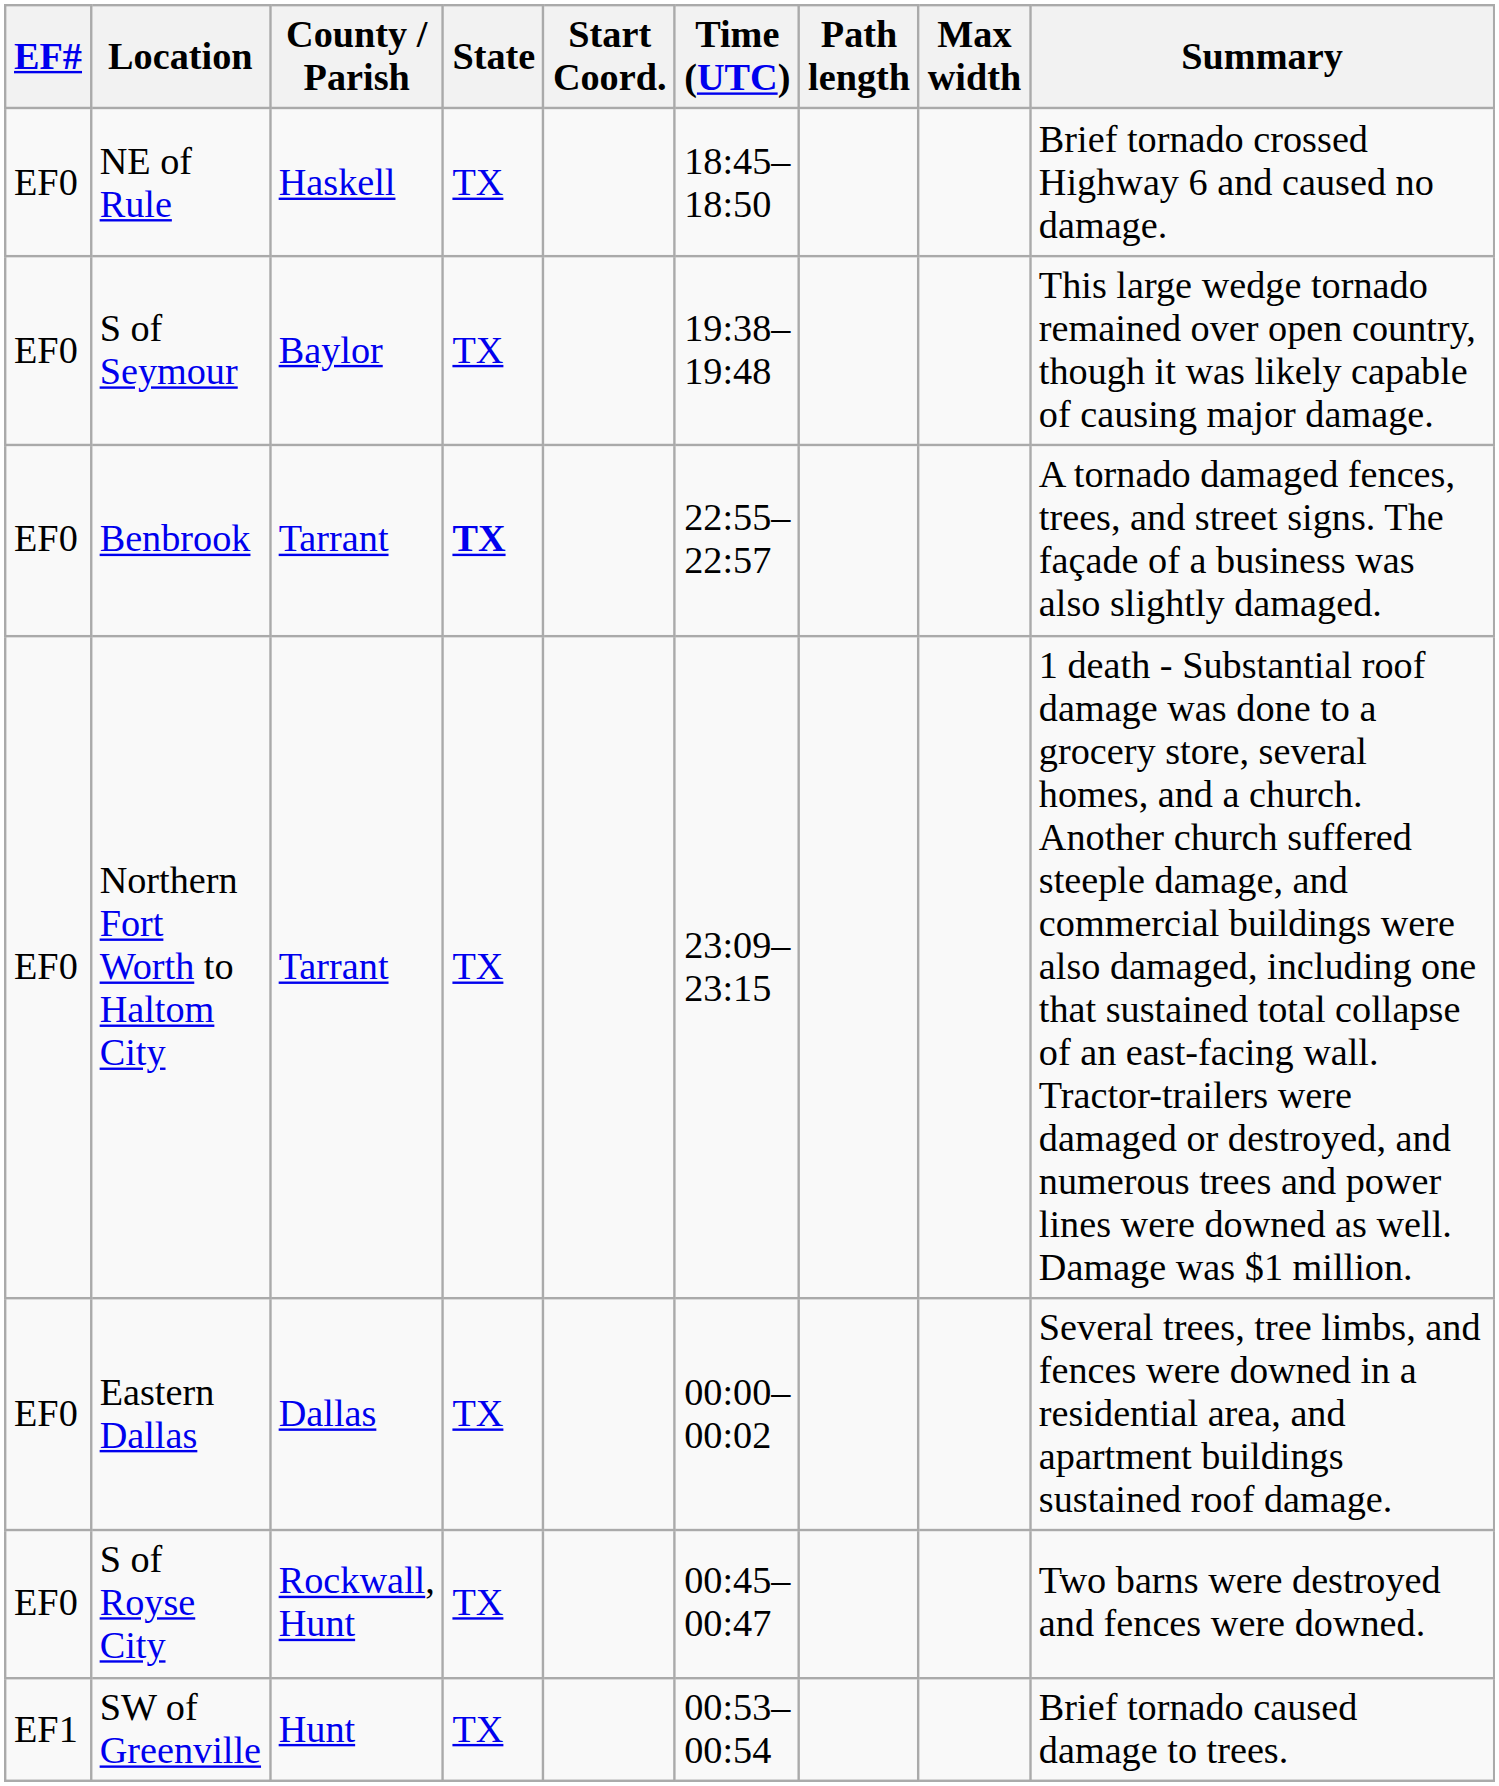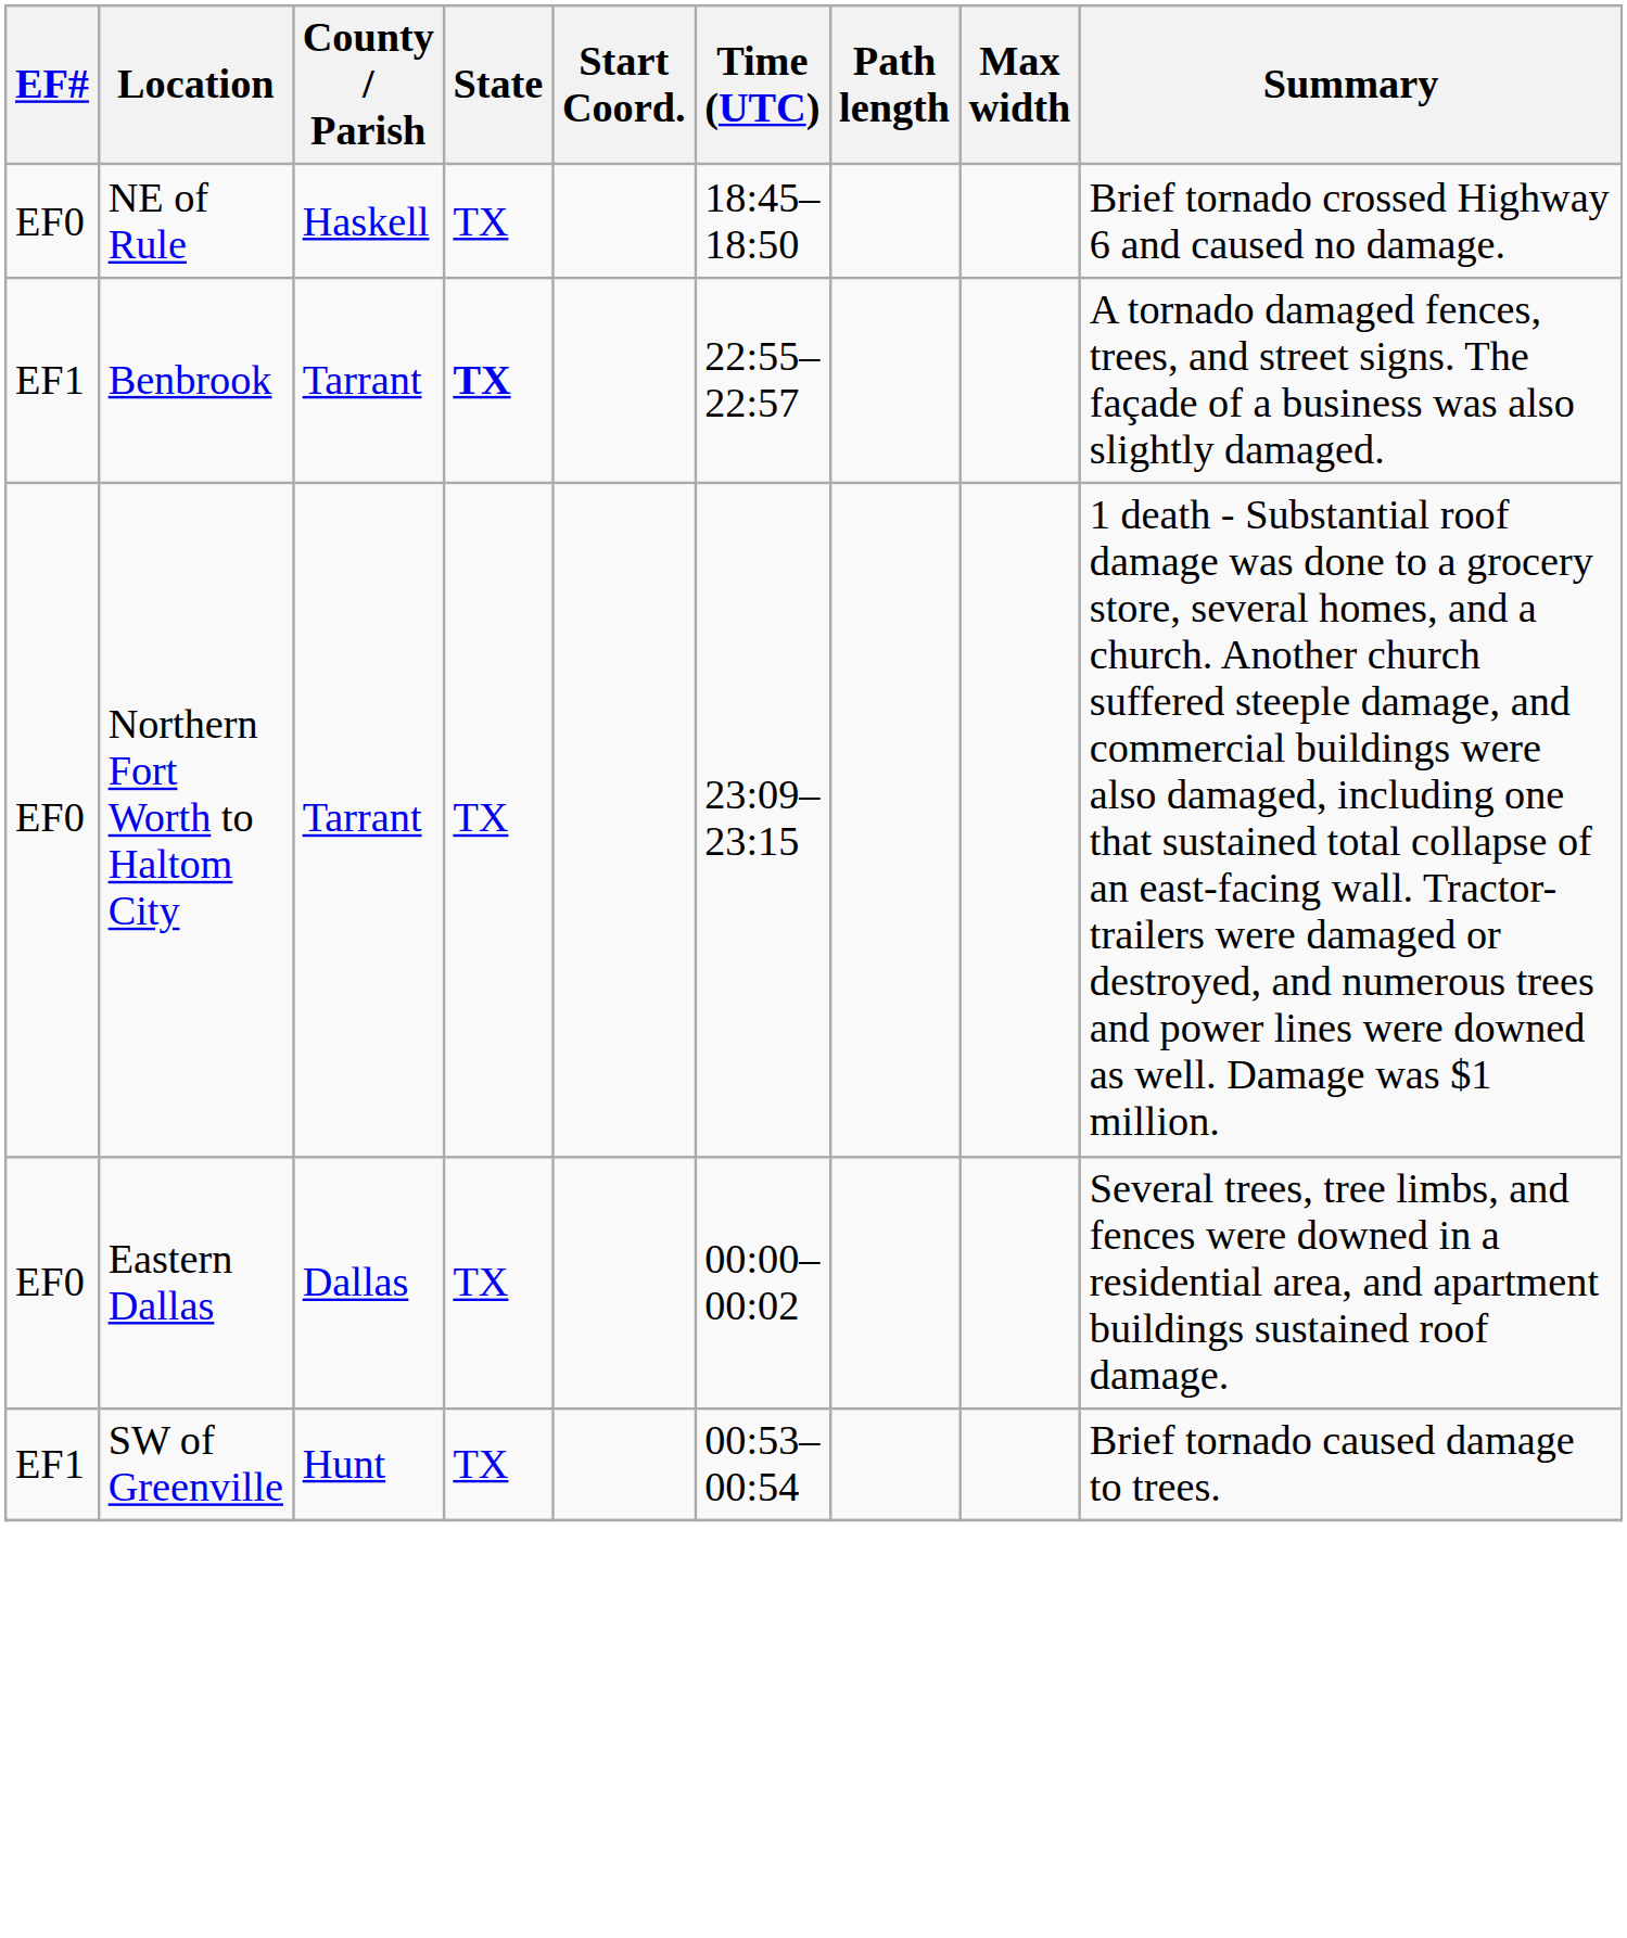 <table class="wikitable sortable" style="width:100%;">
 <tr>
 <th scope="col"  style="width:3%; text-align:center;"><a href='#'>EF#</a></th>
 <th scope="col"  style="width:7%; text-align:center;" class="unsortable">Location</th>
 <th scope="col"  style="width:6%; text-align:center;" class="unsortable">County / Parish</th>
 <th scope="col"  style="width:5%; text-align:center;">State</th>
 <th scope="col"  style="width:6%; text-align:center;">Start Coord.</th>
 <th scope="col"  style="width:6%; text-align:center;">Time (<a href='#'>UTC</a>)</th>
 <th scope="col"  style="width:6%; text-align:center;">Path length</th>
 <th scope="col"  style="width:6%; text-align:center;">Max width</th>
 <th scope="col" class="unsortable" style="width:48%; text-align:center;">Summary</th>
 </tr>
 <tr>
 <td>EF0</td>
 <td>NE of <a href='#'>Rule</a></td>
 <td><a href='#'>Haskell</a></td>
 <td><a href='#'>TX</a></td>
 <td></td>
 <td>18:45–18:50</td>
 <td></td>
 <td></td>
 <td>Brief tornado crossed Highway 6 and caused no damage.</td>
 </tr>
 <tr>
-<td>EF0</td>
-<td>S of <a href='#'>Seymour</a></td>
-<td><a href='#'>Baylor</a></td>
-<td><a href='#'>TX</a></td>
-<td></td>
-<td>19:38–19:48</td>
-<td></td>
-<td></td>
-<td>This large wedge tornado remained over open country, though it was likely capable of causing major damage.</td>
-</tr>
-<tr>
-<td>EF0</td>
+<td>EF1</td>
 <td><a href='#'>Benbrook</a></td>
 <td><a href='#'>Tarrant</a></td>
 <td><strong><a href='#'>TX</a></strong></td>
 <td></td>
 <td>22:55–22:57</td>
 <td></td>
 <td></td>
 <td>A tornado damaged fences, trees, and street signs. The façade of a business was also slightly damaged.</td>
 </tr>
 <tr>
 <td>EF0</td>
 <td>Northern <a href='#'>Fort Worth</a> to <a href='#'>Haltom City</a></td>
 <td><a href='#'>Tarrant</a></td>
 <td><a href='#'>TX</a></td>
 <td></td>
 <td>23:09–23:15</td>
 <td></td>
 <td></td>
 <td>1 death - Substantial roof damage was done to a grocery store, several homes, and a church. Another church suffered steeple damage, and commercial buildings were also damaged, including one that sustained total collapse of an east-facing wall. Tractor-trailers were damaged or destroyed, and numerous trees and power lines were downed as well. Damage was $1 million.</td>
 </tr>
 <tr>
 <td>EF0</td>
 <td>Eastern <a href='#'>Dallas</a></td>
 <td><a href='#'>Dallas</a></td>
 <td><a href='#'>TX</a></td>
 <td></td>
 <td>00:00–00:02</td>
 <td></td>
 <td></td>
 <td>Several trees, tree limbs, and fences were downed in a residential area, and apartment buildings sustained roof damage.</td>
 </tr>
 <tr>
-<td>EF0</td>
-<td>S of <a href='#'>Royse City</a></td>
-<td><a href='#'>Rockwall</a>, <a href='#'>Hunt</a></td>
-<td><a href='#'>TX</a></td>
-<td></td>
-<td>00:45–00:47</td>
-<td></td>
-<td></td>
-<td>Two barns were destroyed and fences were downed.</td>
-</tr>
-<tr>
 <td>EF1</td>
 <td>SW of <a href='#'>Greenville</a></td>
 <td><a href='#'>Hunt</a></td>
 <td><a href='#'>TX</a></td>
 <td></td>
 <td>00:53–00:54</td>
 <td></td>
 <td></td>
 <td>Brief tornado caused damage to trees.</td>
 </tr>
 <tr>
 </tr>
 </table>
